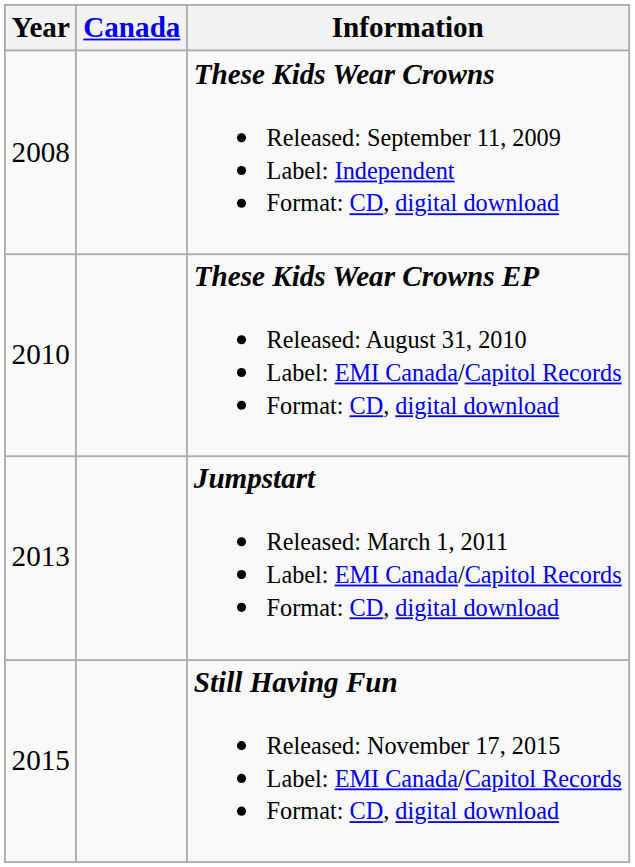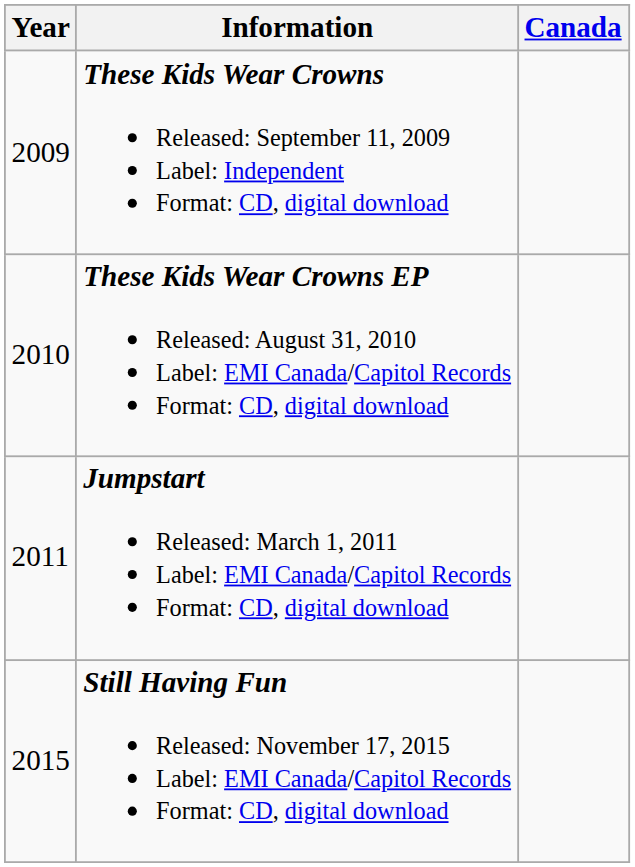 <table class="wikitable">
 <tr>
 <th style="text-align:center;">Year</th>
+<th style="text-align:center;">Information</th>
 <th style="text-align:center;"><a href='#'>Canada</a></th>
-<th style="text-align:center;">Information</th>
 </tr>
 <tr>
-<td>2008</td>
+<td>2009</td>
+<td><strong><em>These Kids Wear Crowns</em></strong><br><ul><li><small>Released: September 11, 2009</small></li><li><small>Label: <a href='#'>Independent</a></small></li><li><small>Format: <a href='#'>CD</a>, <a href='#'>digital download</a></small></li></ul></td>
 <td></td>
-<td><strong><em>These Kids Wear Crowns</em></strong><br><ul><li><small>Released: September 11, 2009</small></li><li><small>Label: <a href='#'>Independent</a></small></li><li><small>Format: <a href='#'>CD</a>, <a href='#'>digital download</a></small></li></ul></td>
 </tr>
 <tr>
 <td>2010</td>
+<td><strong><em>These Kids Wear Crowns EP</em></strong><br><ul><li><small>Released: August 31, 2010</small></li><li><small>Label: <a href='#'>EMI Canada</a>/<a href='#'>Capitol Records</a></small></li><li><small>Format: <a href='#'>CD</a>, <a href='#'>digital download</a></small></li></ul></td>
 <td></td>
-<td><strong><em>These Kids Wear Crowns EP</em></strong><br><ul><li><small>Released: August 31, 2010</small></li><li><small>Label: <a href='#'>EMI Canada</a>/<a href='#'>Capitol Records</a></small></li><li><small>Format: <a href='#'>CD</a>, <a href='#'>digital download</a></small></li></ul></td>
 </tr>
 <tr>
-<td>2013</td>
+<td>2011</td>
+<td><strong><em>Jumpstart</em></strong><br><ul><li><small>Released: March 1, 2011</small></li><li><small>Label: <a href='#'>EMI Canada</a>/<a href='#'>Capitol Records</a></small></li><li><small>Format: <a href='#'>CD</a>, <a href='#'>digital download</a></small></li></ul></td>
 <td></td>
-<td><strong><em>Jumpstart</em></strong><br><ul><li><small>Released: March 1, 2011</small></li><li><small>Label: <a href='#'>EMI Canada</a>/<a href='#'>Capitol Records</a></small></li><li><small>Format: <a href='#'>CD</a>, <a href='#'>digital download</a></small></li></ul></td>
 </tr>
 <tr>
 <td>2015</td>
+<td><strong><em>Still Having Fun</em></strong><br><ul><li><small>Released: November 17, 2015</small></li><li><small>Label: <a href='#'>EMI Canada</a>/<a href='#'>Capitol Records</a></small></li><li><small>Format: <a href='#'>CD</a>, <a href='#'>digital download</a></small></li></ul></td>
 <td></td>
-<td><strong><em>Still Having Fun</em></strong><br><ul><li><small>Released: November 17, 2015</small></li><li><small>Label: <a href='#'>EMI Canada</a>/<a href='#'>Capitol Records</a></small></li><li><small>Format: <a href='#'>CD</a>, <a href='#'>digital download</a></small></li></ul></td>
 </tr>
 </table>
